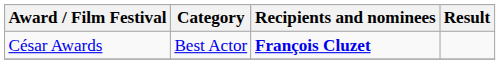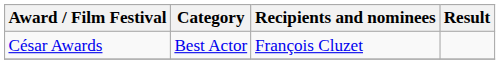 <table class="wikitable plainrowheaders sortable">
 <tr style="background:#ccc; text-align:center;">
 <th scope="col">Award / Film Festival</th>
 <th scope="col">Category</th>
 <th scope="col">Recipients and nominees</th>
 <th scope="col">Result</th>
 </tr>
 <tr>
 <td><a href='#'>César Awards</a></td>
 <td><a href='#'>Best Actor</a></td>
-<td><strong><a href='#'>François Cluzet</a></strong></td>
+<td><a href='#'>François Cluzet</a></td>
 <td></td>
 </tr>
 <tr>
 </tr>
 </table>
